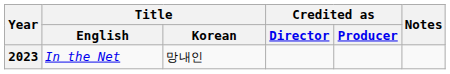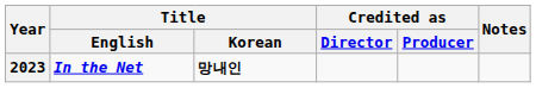 <table class="wikitable sortable plainrowheaders">
 <tr>
 <th rowspan="2" style="width:33px;">Year</th>
 <th colspan="2">Title</th>
 <th colspan="2">Credited as</th>
 <th rowspan="2" class="unsortable">Notes</th>
 </tr>
 <tr>
 <th width="120">English</th>
 <th width="100">Korean</th>
 <th width="65" class="unsortable"><a href='#'>Director</a></th>
 <th width="65" class="unsortable"><a href='#'>Producer</a></th>
 </tr>
 <tr>
 <th scope="row">2023</th>
-<td><em><a href='#'>In the Net</a></em></td>
-<td>망내인</td>
+<td><strong><em><a href='#'>In the Net</a></em></strong></td>
+<td><strong>망내인</strong></td>
 <td></td>
 <td></td>
 <td></td>
 </tr>
 </table>
